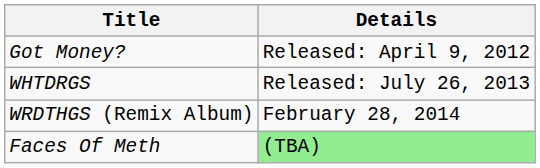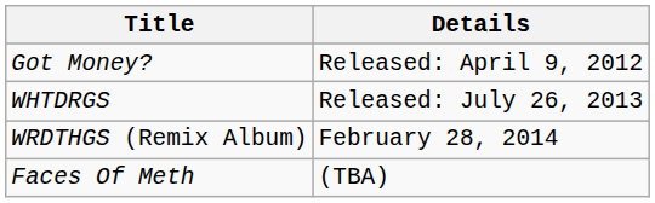 <table class="wikitable">
 <tr>
 <th>Title</th>
 <th>Details</th>
 </tr>
 <tr>
 <td><em>Got Money?</em></td>
 <td>Released: April 9, 2012</td>
 </tr>
 <tr>
 <td><em>WHTDRGS</em></td>
 <td>Released: July 26, 2013 </td>
 </tr>
 <tr>
 <td><em>WRDTHGS</em> (Remix Album)</td>
 <td>February 28, 2014 </td>
 </tr>
 <tr>
 <td><em>Faces Of Meth</em></td>
-<td style="background: lightgreen;">(TBA)</td>
+<td>(TBA)</td>
 </tr>
 </table>
